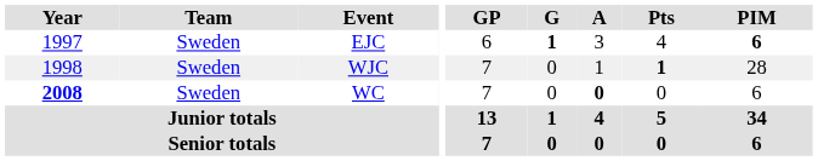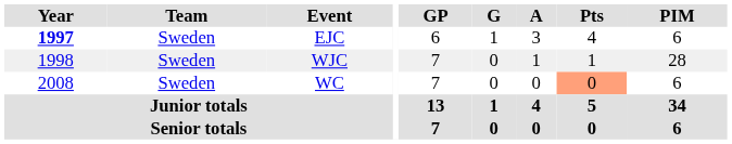 <table border="0" cellpadding="1" cellspacing="0" ID="Table3" style="text-align:center; width:40em">
 <tr bgcolor="#e0e0e0">
 <th>Year</th>
 <th>Team</th>
 <th>Event</th>
 <th rowspan="102" bgcolor="#ffffff"></th>
 <th>GP</th>
 <th>G</th>
 <th>A</th>
 <th>Pts</th>
 <th>PIM</th>
 </tr>
 <tr>
-<td><a href='#'>1997</a></td>
+<td><strong><a href='#'>1997</a></strong></td>
 <td><a href='#'>Sweden</a></td>
 <td><a href='#'>EJC</a></td>
 <td>6</td>
-<td><strong>1</strong></td>
+<td>1</td>
 <td>3</td>
 <td>4</td>
-<td><strong>6</strong></td>
+<td>6</td>
 </tr>
 <tr bgcolor="#f0f0f0">
 <td><a href='#'>1998</a></td>
 <td><a href='#'>Sweden</a></td>
 <td><a href='#'>WJC</a></td>
 <td>7</td>
 <td>0</td>
 <td>1</td>
-<td><strong>1</strong></td>
+<td>1</td>
 <td>28</td>
 </tr>
 <tr>
-<td><strong><a href='#'>2008</a></strong></td>
+<td><a href='#'>2008</a></td>
 <td><a href='#'>Sweden</a></td>
 <td><a href='#'>WC</a></td>
 <td>7</td>
 <td>0</td>
-<td><strong>0</strong></td>
 <td>0</td>
+<td style="background: lightsalmon;">0</td>
 <td>6</td>
 </tr>
 <tr bgcolor="#e0e0e0">
 <th colspan=3>Junior totals</th>
 <th>13</th>
 <th>1</th>
 <th>4</th>
 <th>5</th>
 <th>34</th>
 </tr>
 <tr bgcolor="#e0e0e0">
 <th colspan=3>Senior totals</th>
 <th>7</th>
 <th>0</th>
 <th>0</th>
 <th>0</th>
 <th>6</th>
 </tr>
 </table>
